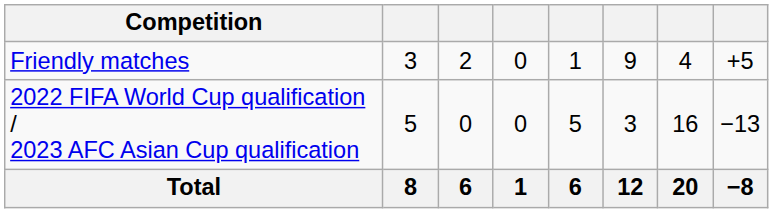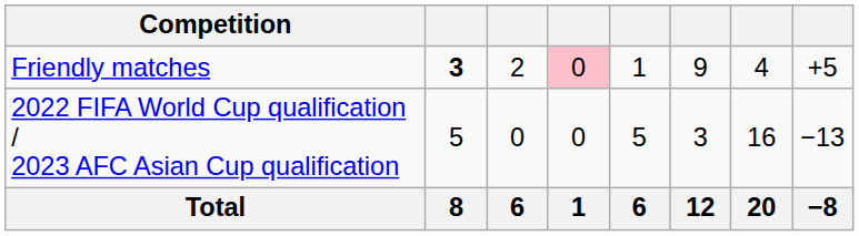 <table class="wikitable" style="text-align: center;">
 <tr>
 <th width=250>Competition</th>
 <th width=30></th>
 <th width=30></th>
 <th width=30></th>
 <th width=30></th>
 <th width=30></th>
 <th width=30></th>
 <th width=30></th>
 </tr>
 <tr>
 <td align="left"><a href='#'>Friendly matches</a></td>
-<td>3</td>
+<td><strong>3</strong></td>
 <td>2</td>
-<td>0</td>
+<td style="background: pink;">0</td>
 <td>1</td>
 <td>9</td>
 <td>4</td>
 <td>+5</td>
 </tr>
 <tr>
 <td align="left"><a href='#'>2022 FIFA World Cup qualification</a> / <br><a href='#'>2023 AFC Asian Cup qualification</a></td>
 <td>5</td>
 <td>0</td>
 <td>0</td>
 <td>5</td>
 <td>3</td>
 <td>16</td>
 <td>−13</td>
 </tr>
 <tr>
 <th>Total</th>
 <th>8</th>
 <th>6</th>
 <th>1</th>
 <th>6</th>
 <th>12</th>
 <th>20</th>
 <th>−8</th>
 </tr>
 </table>
